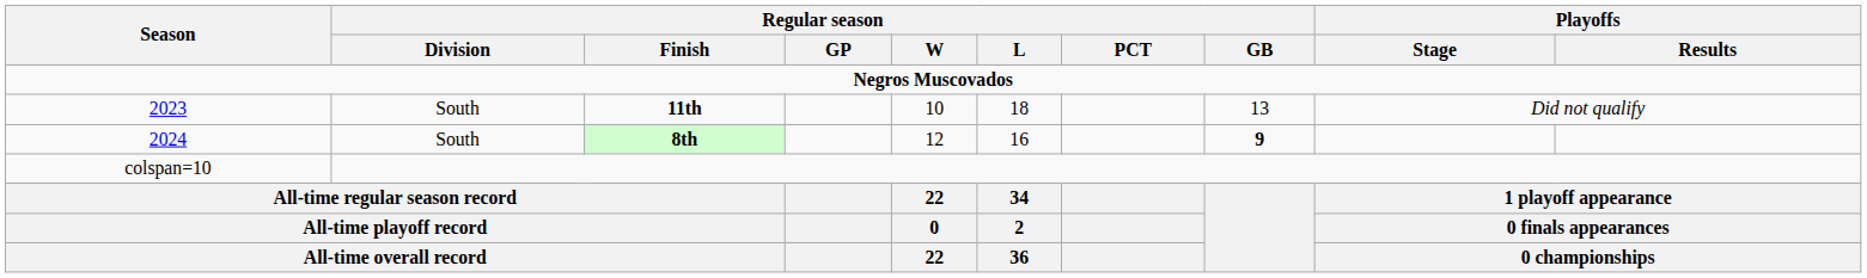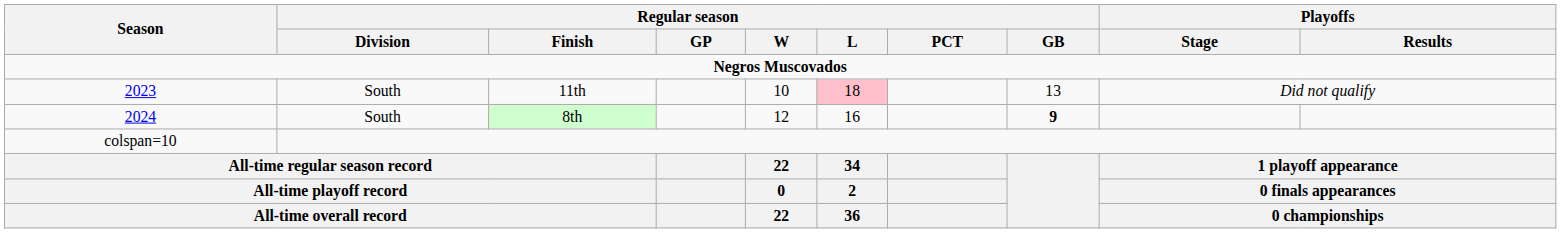 <table class=wikitable style="width:100%; text-align:center">
 <tr>
 <th rowspan=2>Season</th>
 <th colspan=7>Regular season</th>
 <th colspan=2>Playoffs</th>
 </tr>
 <tr>
 <th>Division</th>
 <th>Finish</th>
 <th>GP</th>
 <th>W</th>
 <th>L</th>
 <th>PCT</th>
 <th>GB</th>
 <th>Stage</th>
 <th>Results</th>
 </tr>
 <tr>
 <td colspan=10><span><strong>Negros Muscovados</strong></span></td>
 </tr>
 <tr>
 <td><a href='#'>2023</a></td>
 <td>South</td>
-<td><strong>11th</strong></td>
+<td>11th</td>
 <td></td>
 <td>10</td>
-<td>18</td>
+<td style="background: pink;">18</td>
 <td></td>
 <td>13</td>
 <td colspan="2"><em>Did not qualify</em></td>
 </tr>
 <tr>
 <td><a href='#'>2024</a></td>
 <td>South</td>
-<td bgcolor="CFFFCF"><strong>8th</strong></td>
+<td bgcolor="CFFFCF">8th</td>
 <td></td>
 <td>12</td>
 <td>16</td>
 <td></td>
 <td><strong>9</strong></td>
 <td></td>
 <td></td>
 </tr>
 <tr>
 <td>colspan=10 </td>
 </tr>
 <tr>
 <th colspan="3">All-time regular season record</th>
 <th></th>
 <th>22</th>
 <th>34</th>
 <th></th>
 <th rowspan="3"></th>
 <th colspan="2">1 playoff appearance</th>
 </tr>
 <tr>
 <th colspan="3">All-time playoff record</th>
 <th></th>
 <th>0</th>
 <th>2</th>
 <th></th>
 <th colspan=2>0 finals appearances</th>
 </tr>
 <tr>
 <th colspan="3">All-time overall record</th>
 <th></th>
 <th>22</th>
 <th>36</th>
 <th></th>
 <th colspan="2">0 championships</th>
 </tr>
 </table>
